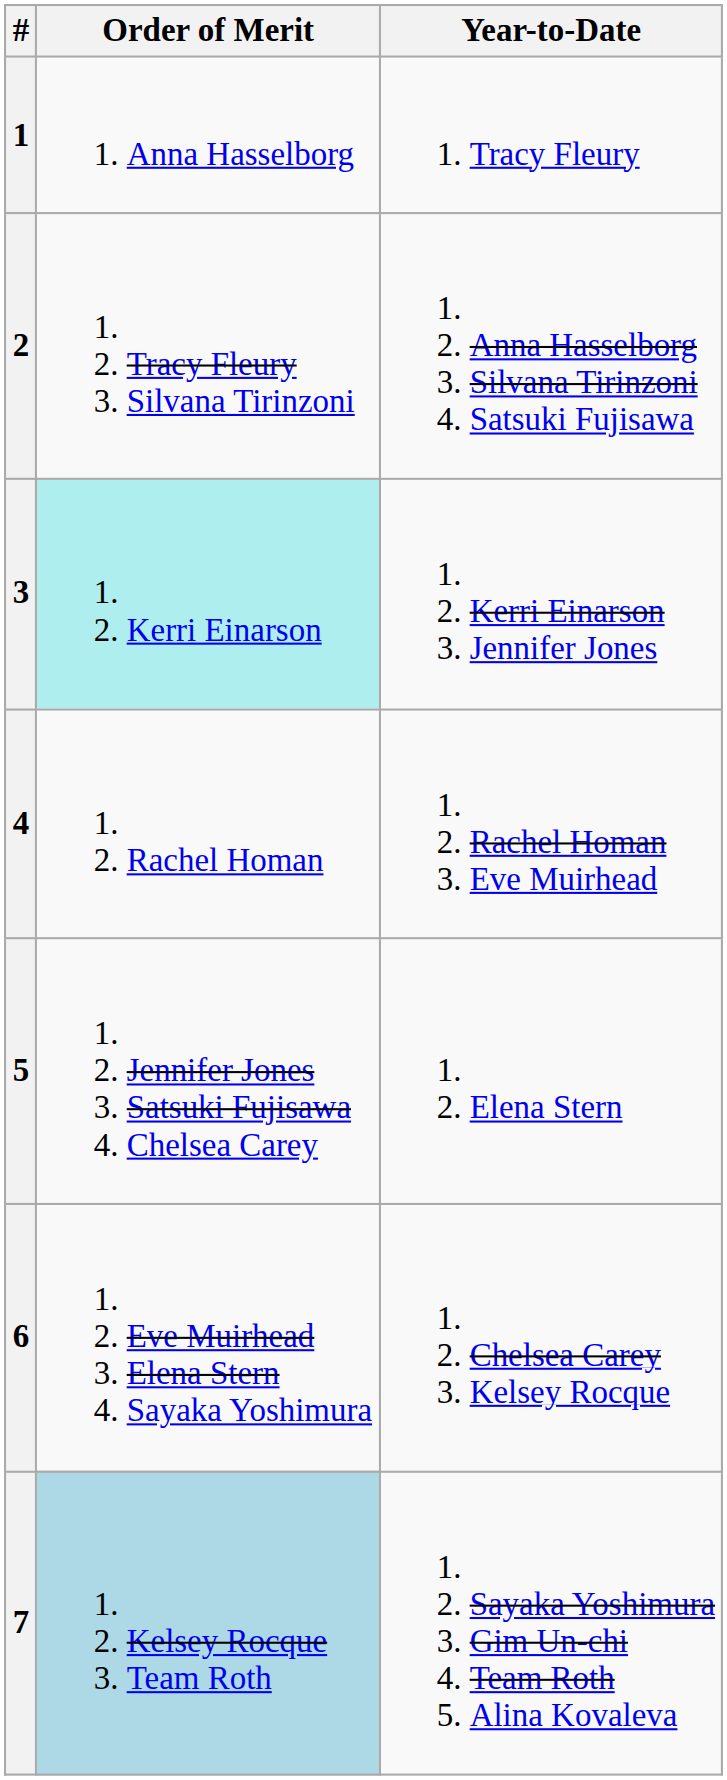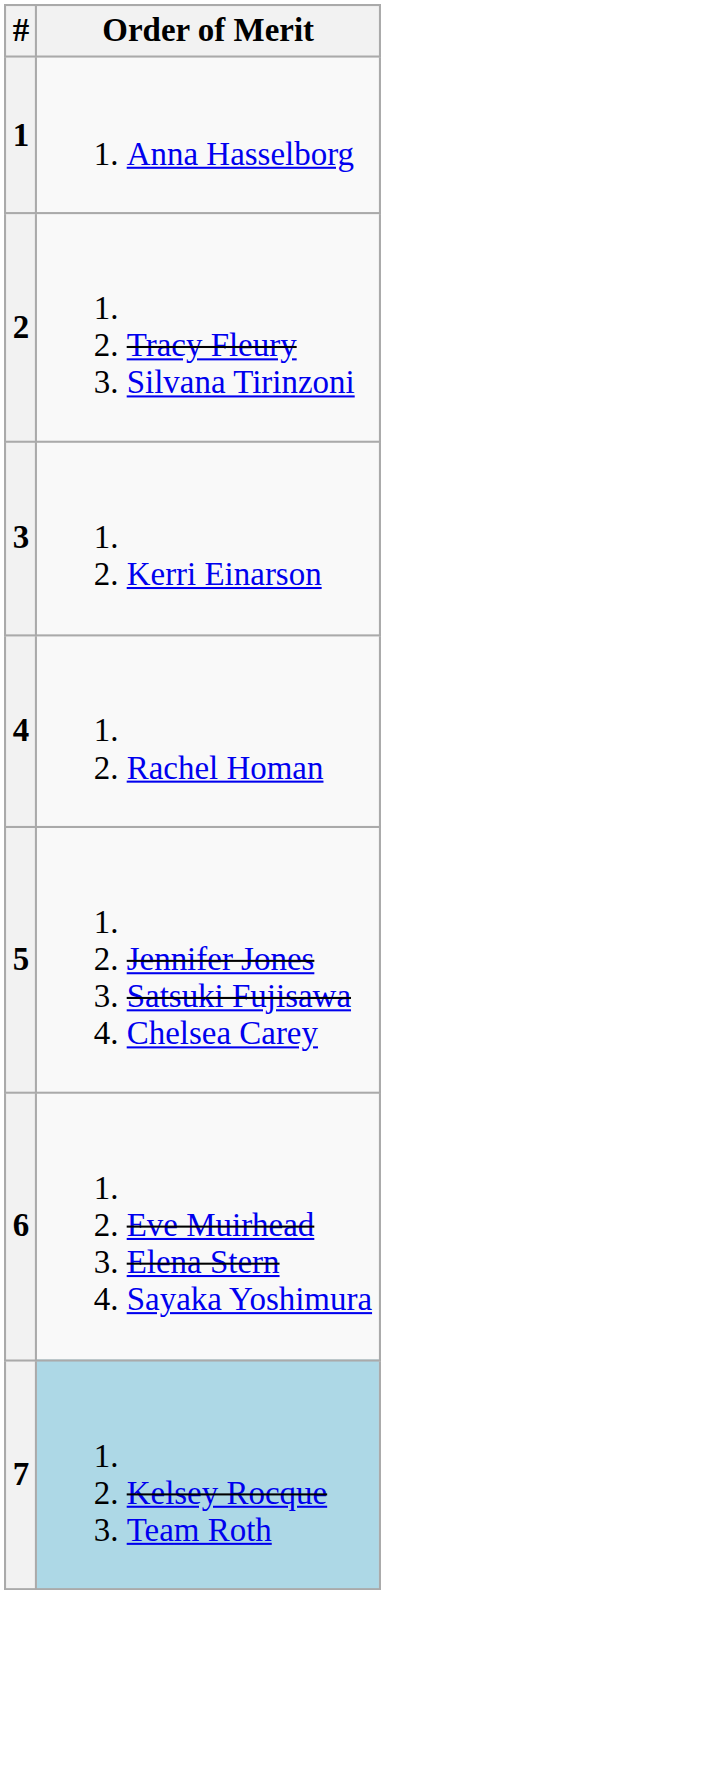 <table class=wikitable>
 <tr>
 <th>#</th>
 <th>Order of Merit</th>
-<th>Year-to-Date</th>
 </tr>
 <tr>
 <th>1</th>
 <td><br><ol><li> <a href='#'>Anna Hasselborg</a></li></ol></td>
-<td><br><ol><li> <a href='#'>Tracy Fleury</a></li></ol></td>
 </tr>
 <tr>
 <th>2</th>
 <td><br><ol><li><li> <s><a href='#'>Tracy Fleury</a></s></li><li> <a href='#'>Silvana Tirinzoni</a></li></ol></td>
-<td><br><ol><li><li> <s><a href='#'>Anna Hasselborg</a></s></li><li> <s><a href='#'>Silvana Tirinzoni</a></s></li><li> <a href='#'>Satsuki Fujisawa</a></li></ol></td>
 </tr>
 <tr>
 <th>3</th>
-<td style="background: paleturquoise;"><br><ol><li><li> <a href='#'>Kerri Einarson</a></li></ol></td>
-<td><br><ol><li><li> <s><a href='#'>Kerri Einarson</a></s></li><li> <a href='#'>Jennifer Jones</a></li></ol></td>
+<td><br><ol><li><li> <a href='#'>Kerri Einarson</a></li></ol></td>
 </tr>
 <tr>
 <th>4</th>
 <td><br><ol><li><li> <a href='#'>Rachel Homan</a></li></ol></td>
-<td><br><ol><li><li> <s><a href='#'>Rachel Homan</a></s></li><li> <a href='#'>Eve Muirhead</a></li></ol></td>
 </tr>
 <tr>
 <th>5</th>
 <td><br><ol><li><li> <s><a href='#'>Jennifer Jones</a></s></li><li> <s><a href='#'>Satsuki Fujisawa</a></s></li><li> <a href='#'>Chelsea Carey</a></li></ol></td>
-<td><br><ol><li><li> <a href='#'>Elena Stern</a></li></ol></td>
 </tr>
 <tr>
 <th>6</th>
 <td><br><ol><li><li> <s><a href='#'>Eve Muirhead</a></s></li><li> <s><a href='#'>Elena Stern</a></s></li><li> <a href='#'>Sayaka Yoshimura</a></li></ol></td>
-<td><br><ol><li><li> <s><a href='#'>Chelsea Carey</a></s></li><li> <a href='#'>Kelsey Rocque</a></li></ol></td>
 </tr>
 <tr>
 <th>7</th>
 <td style="background: lightblue;"><br><ol><li><li> <s><a href='#'>Kelsey Rocque</a></s></li><li> <a href='#'>Team Roth</a></li></ol></td>
-<td><br><ol><li><li> <s><a href='#'>Sayaka Yoshimura</a></s></li><li> <s><a href='#'>Gim Un-chi</a></s></li><li> <s><a href='#'>Team Roth</a></s></li><li> <a href='#'>Alina Kovaleva</a></li></ol></td>
 </tr>
 </table>
